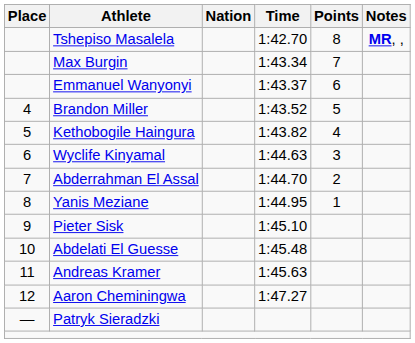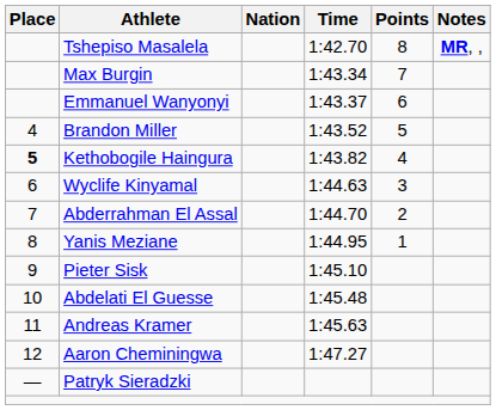 <table class="wikitable mw-datatable sortable" style="text-align:center;">
 <tr>
 <th scope="col">Place</th>
 <th scope="col">Athlete</th>
 <th scope="col">Nation</th>
 <th scope="col">Time</th>
 <th scope="col">Points</th>
 <th scope="col">Notes</th>
 </tr>
 <tr>
 <td></td>
 <td align="left"><a href='#'>Tshepiso Masalela</a></td>
 <td align="left"></td>
 <td>1:42.70</td>
 <td>8</td>
 <td><strong><a href='#'>MR</a></strong>, , </td>
 </tr>
 <tr>
 <td></td>
 <td align="left"><a href='#'>Max Burgin</a></td>
 <td align="left"></td>
 <td>1:43.34</td>
 <td>7</td>
 <td></td>
 </tr>
 <tr>
 <td></td>
 <td align="left"><a href='#'>Emmanuel Wanyonyi</a></td>
 <td align="left"></td>
 <td>1:43.37</td>
 <td>6</td>
 <td></td>
 </tr>
 <tr>
 <td>4</td>
 <td align="left"><a href='#'>Brandon Miller</a></td>
 <td align="left"></td>
 <td>1:43.52</td>
 <td>5</td>
 <td></td>
 </tr>
 <tr>
-<td>5</td>
+<td><strong>5</strong></td>
 <td align="left"><a href='#'>Kethobogile Haingura</a></td>
 <td align="left"></td>
 <td>1:43.82</td>
 <td>4</td>
 <td></td>
 </tr>
 <tr>
 <td>6</td>
 <td align="left"><a href='#'>Wyclife Kinyamal</a></td>
 <td align="left"></td>
 <td>1:44.63</td>
 <td>3</td>
 <td></td>
 </tr>
 <tr>
 <td>7</td>
 <td align="left"><a href='#'>Abderrahman El Assal</a></td>
 <td align="left"></td>
 <td>1:44.70</td>
 <td>2</td>
 <td></td>
 </tr>
 <tr>
 <td>8</td>
 <td align="left"><a href='#'>Yanis Meziane</a></td>
 <td align="left"></td>
 <td>1:44.95</td>
 <td>1</td>
 <td></td>
 </tr>
 <tr>
 <td>9</td>
 <td align="left"><a href='#'>Pieter Sisk</a></td>
 <td align="left"></td>
 <td>1:45.10</td>
 <td></td>
 <td></td>
 </tr>
 <tr>
 <td>10</td>
 <td align="left"><a href='#'>Abdelati El Guesse</a></td>
 <td align="left"></td>
 <td>1:45.48</td>
 <td></td>
 <td></td>
 </tr>
 <tr>
 <td>11</td>
 <td align="left"><a href='#'>Andreas Kramer</a></td>
 <td align="left"></td>
 <td>1:45.63</td>
 <td></td>
 <td></td>
 </tr>
 <tr>
 <td>12</td>
 <td align="left"><a href='#'>Aaron Cheminingwa</a></td>
 <td align="left"></td>
 <td>1:47.27</td>
 <td></td>
 <td></td>
 </tr>
 <tr>
 <td>—</td>
 <td align="left"><a href='#'>Patryk Sieradzki</a></td>
 <td align="left"></td>
 <td></td>
 <td></td>
 <td></td>
 </tr>
 <tr class="sortbottom">
 <td colspan="6"></td>
 </tr>
 </table>
